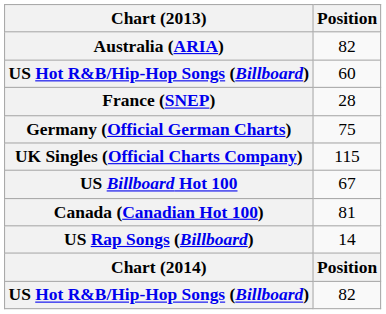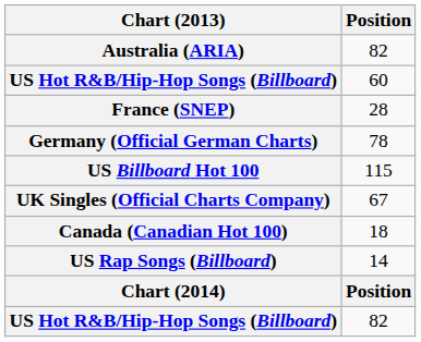 <table class="wikitable sortable plainrowheaders">
 <tr>
 <th scope="col">Chart (2013)</th>
 <th scope="col">Position</th>
 </tr>
 <tr>
 <th scope="row">Australia (<a href='#'>ARIA</a>)</th>
 <td style="text-align:center;">82</td>
 </tr>
 <tr>
 <th scope="row">US <a href='#'>Hot R&B/Hip-Hop Songs</a> (<em><a href='#'>Billboard</a></em>)</th>
 <td style="text-align:center;">60</td>
 </tr>
 <tr>
 <th scope="row">France (<a href='#'>SNEP</a>)</th>
 <td style="text-align:center;">28</td>
 </tr>
 <tr>
 <th scope="row">Germany (<a href='#'>Official German Charts</a>)</th>
-<td style="text-align:center;">75</td>
+<td style="text-align:center;">78</td>
+</tr>
+<tr>
+<th scope="row">US <a href='#'><em>Billboard</em> Hot 100</a></th>
+<td style="text-align:center;">115</td>
 </tr>
 <tr>
 <th scope="row">UK Singles (<a href='#'>Official Charts Company</a>)</th>
-<td style="text-align:center;">115</td>
-</tr>
-<tr>
-<th scope="row">US <a href='#'><em>Billboard</em> Hot 100</a></th>
 <td style="text-align:center;">67</td>
 </tr>
 <tr>
 <th scope="row">Canada (<a href='#'>Canadian Hot 100</a>)</th>
-<td style="text-align:center;">81</td>
+<td style="text-align:center;">18</td>
 </tr>
 <tr>
 <th scope="row">US <a href='#'>Rap Songs</a> (<em><a href='#'>Billboard</a></em>)</th>
 <td style="text-align:center;">14</td>
 </tr>
 <tr>
 <th scope="col">Chart (2014)</th>
 <th scope="col">Position</th>
 </tr>
 <tr>
 <th scope="row">US <a href='#'>Hot R&B/Hip-Hop Songs</a> (<em><a href='#'>Billboard</a></em>)</th>
 <td style="text-align:center;">82</td>
 </tr>
 </table>
